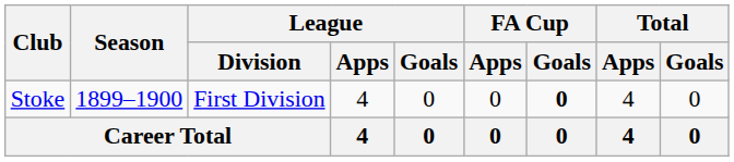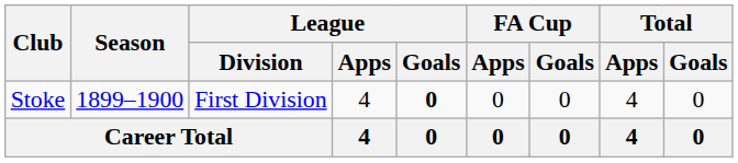 <table class="wikitable" style="text-align: center;">
 <tr>
 <th rowspan="2">Club</th>
 <th rowspan="2">Season</th>
 <th colspan="3">League</th>
 <th colspan="2">FA Cup</th>
 <th colspan="2">Total</th>
 </tr>
 <tr>
 <th>Division</th>
 <th>Apps</th>
 <th>Goals</th>
 <th>Apps</th>
 <th>Goals</th>
 <th>Apps</th>
 <th>Goals</th>
 </tr>
 <tr>
 <td><a href='#'>Stoke</a></td>
 <td><a href='#'>1899–1900</a></td>
 <td><a href='#'>First Division</a></td>
 <td>4</td>
+<td><strong>0</strong></td>
 <td>0</td>
 <td>0</td>
-<td><strong>0</strong></td>
 <td>4</td>
 <td>0</td>
 </tr>
 <tr>
 <th colspan="3">Career Total</th>
 <th>4</th>
 <th>0</th>
 <th>0</th>
 <th>0</th>
 <th>4</th>
 <th>0</th>
 </tr>
 </table>
